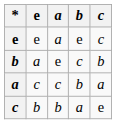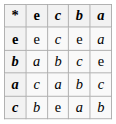 <table class=wikitable width=120>
 <tr>
 <th>*</th>
 <th>e</th>
+<th><em>c</em></th>
+<th><em>b</em></th>
 <th><em>a</em></th>
-<th><em>b</em></th>
-<th><em>c</em></th>
 </tr>
 <tr align=center>
 <th>e</th>
 <td>e</td>
+<td><em>c</em></td>
+<td>e</td>
 <td><em>a</em></td>
-<td>e</td>
-<td><em>c</em></td>
 </tr>
 <tr align=center>
 <th><em>b</em></th>
 <td><em>a</em></td>
+<td><em>b</em></td>
+<td><em>c</em></td>
 <td>e</td>
-<td><em>c</em></td>
-<td><em>b</em></td>
 </tr>
 <tr align=center>
 <th><em>a</em></th>
 <td><em>c</em></td>
+<td><em>a</em></td>
+<td><em>b</em></td>
 <td><em>c</em></td>
-<td><em>b</em></td>
-<td><em>a</em></td>
 </tr>
 <tr align=center>
 <th><em>c</em></th>
 <td><em>b</em></td>
+<td>e</td>
+<td><em>a</em></td>
 <td><em>b</em></td>
-<td><em>a</em></td>
-<td>e</td>
 </tr>
 </table>
